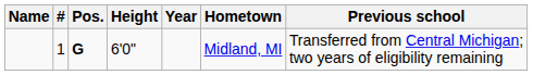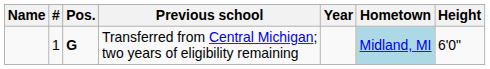 <table class="wikitable sortable" border="1">
 <tr>
 <th>Name</th>
 <th>#</th>
 <th>Pos.</th>
-<th>Height</th>
+<th class="unsortable">Previous school</th>
 <th>Year</th>
 <th>Hometown</th>
-<th class="unsortable">Previous school</th>
+<th>Height</th>
 </tr>
 <tr>
 <td></td>
 <td>1</td>
 <td><strong>G</strong></td>
+<td>Transferred from <a href='#'>Central Michigan</a>;<br>two years of eligibility remaining</td>
+<td></td>
+<td style="background: lightblue;"><a href='#'>Midland, MI</a></td>
 <td>6'0"</td>
-<td></td>
-<td><a href='#'>Midland, MI</a></td>
-<td>Transferred from <a href='#'>Central Michigan</a>;<br>two years of eligibility remaining</td>
 </tr>
 </table>
